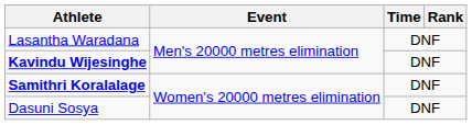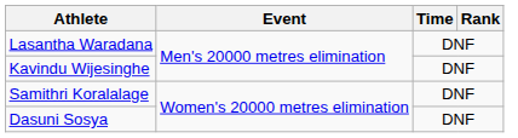 <table class=wikitable style="font-size:95%">
 <tr>
 <th>Athlete</th>
 <th>Event</th>
 <th>Time</th>
 <th>Rank</th>
 </tr>
 <tr>
 <td><a href='#'>Lasantha Waradana</a></td>
 <td align=left rowspan=2><a href='#'>Men's 20000 metres elimination</a></td>
 <td align=center colspan=2>DNF</td>
 </tr>
 <tr>
-<td><strong><a href='#'>Kavindu Wijesinghe</a></strong></td>
+<td><a href='#'>Kavindu Wijesinghe</a></td>
 <td align=center colspan=2>DNF</td>
 </tr>
 <tr>
-<td><strong><a href='#'>Samithri Koralalage</a></strong></td>
+<td><a href='#'>Samithri Koralalage</a></td>
 <td align=left rowspan=2><a href='#'>Women's 20000 metres elimination</a></td>
 <td align=center colspan=2>DNF</td>
 </tr>
 <tr>
 <td><a href='#'>Dasuni Sosya</a></td>
 <td align=center colspan=2>DNF</td>
 </tr>
 </table>
